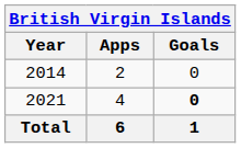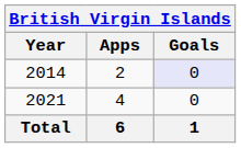 <table class="wikitable" style="text-align:center">
 <tr>
 <th colspan=5><a href='#'>British Virgin Islands</a></th>
 </tr>
 <tr>
 <th>Year</th>
 <th>Apps</th>
 <th>Goals</th>
 </tr>
 <tr>
 <td>2014</td>
 <td>2</td>
-<td>0</td>
+<td style="background: lavender;">0</td>
 </tr>
 <tr>
 <td>2021</td>
 <td>4</td>
-<td><strong>0</strong></td>
+<td>0</td>
 </tr>
 <tr>
 <th>Total</th>
 <th>6</th>
 <th>1</th>
 </tr>
 </table>
